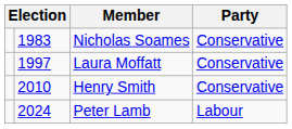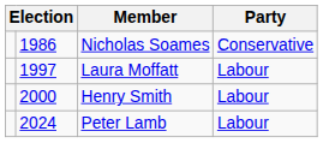 <table class="wikitable">
 <tr>
 <th colspan="2">Election</th>
 <th>Member</th>
 <th>Party</th>
 </tr>
 <tr>
 <td style="color:inherit;background-color: "></td>
-<td><a href='#'>1983</a></td>
+<td><a href='#'>1986</a></td>
 <td><a href='#'>Nicholas Soames</a></td>
 <td><a href='#'>Conservative</a></td>
 </tr>
 <tr>
 <td style="color:inherit;background-color: "></td>
 <td><a href='#'>1997</a></td>
 <td><a href='#'>Laura Moffatt</a></td>
-<td><a href='#'>Conservative</a></td>
+<td><a href='#'>Labour</a></td>
 </tr>
 <tr>
 <td style="color:inherit;background-color: "></td>
-<td><a href='#'>2010</a></td>
+<td><a href='#'>2000</a></td>
 <td><a href='#'>Henry Smith</a></td>
-<td><a href='#'>Conservative</a></td>
+<td><a href='#'>Labour</a></td>
 </tr>
 <tr>
 <td style="color:inherit;background-color: "></td>
 <td><a href='#'>2024</a></td>
 <td><a href='#'>Peter Lamb</a></td>
 <td><a href='#'>Labour</a></td>
 </tr>
 </table>
